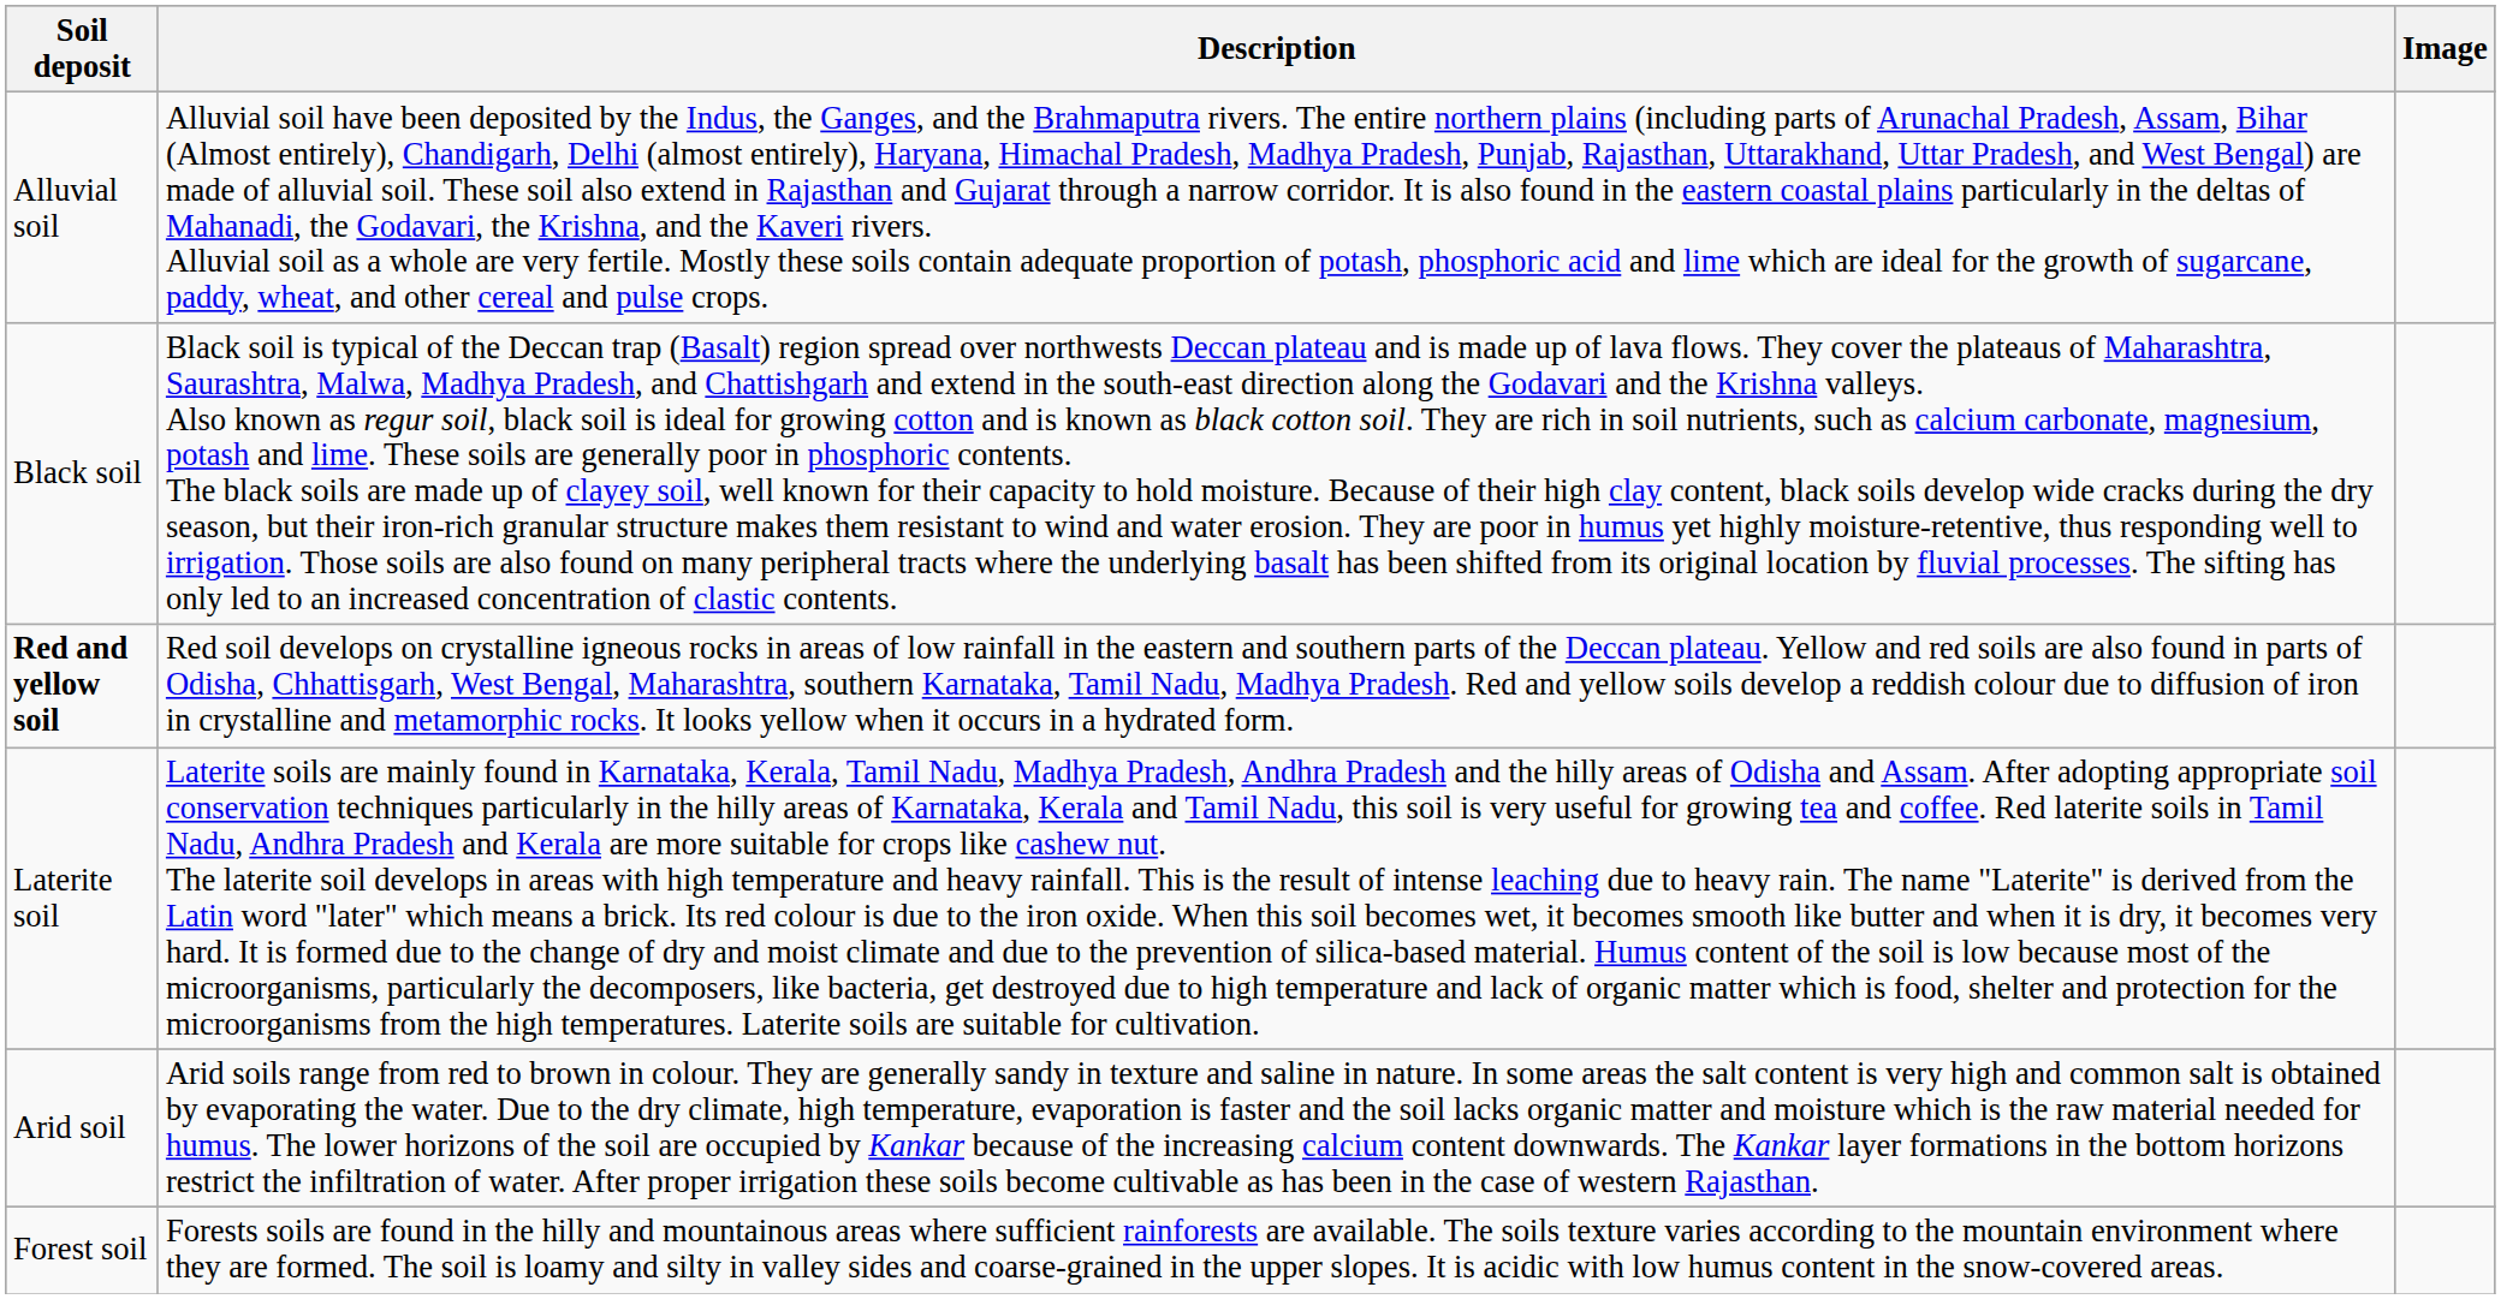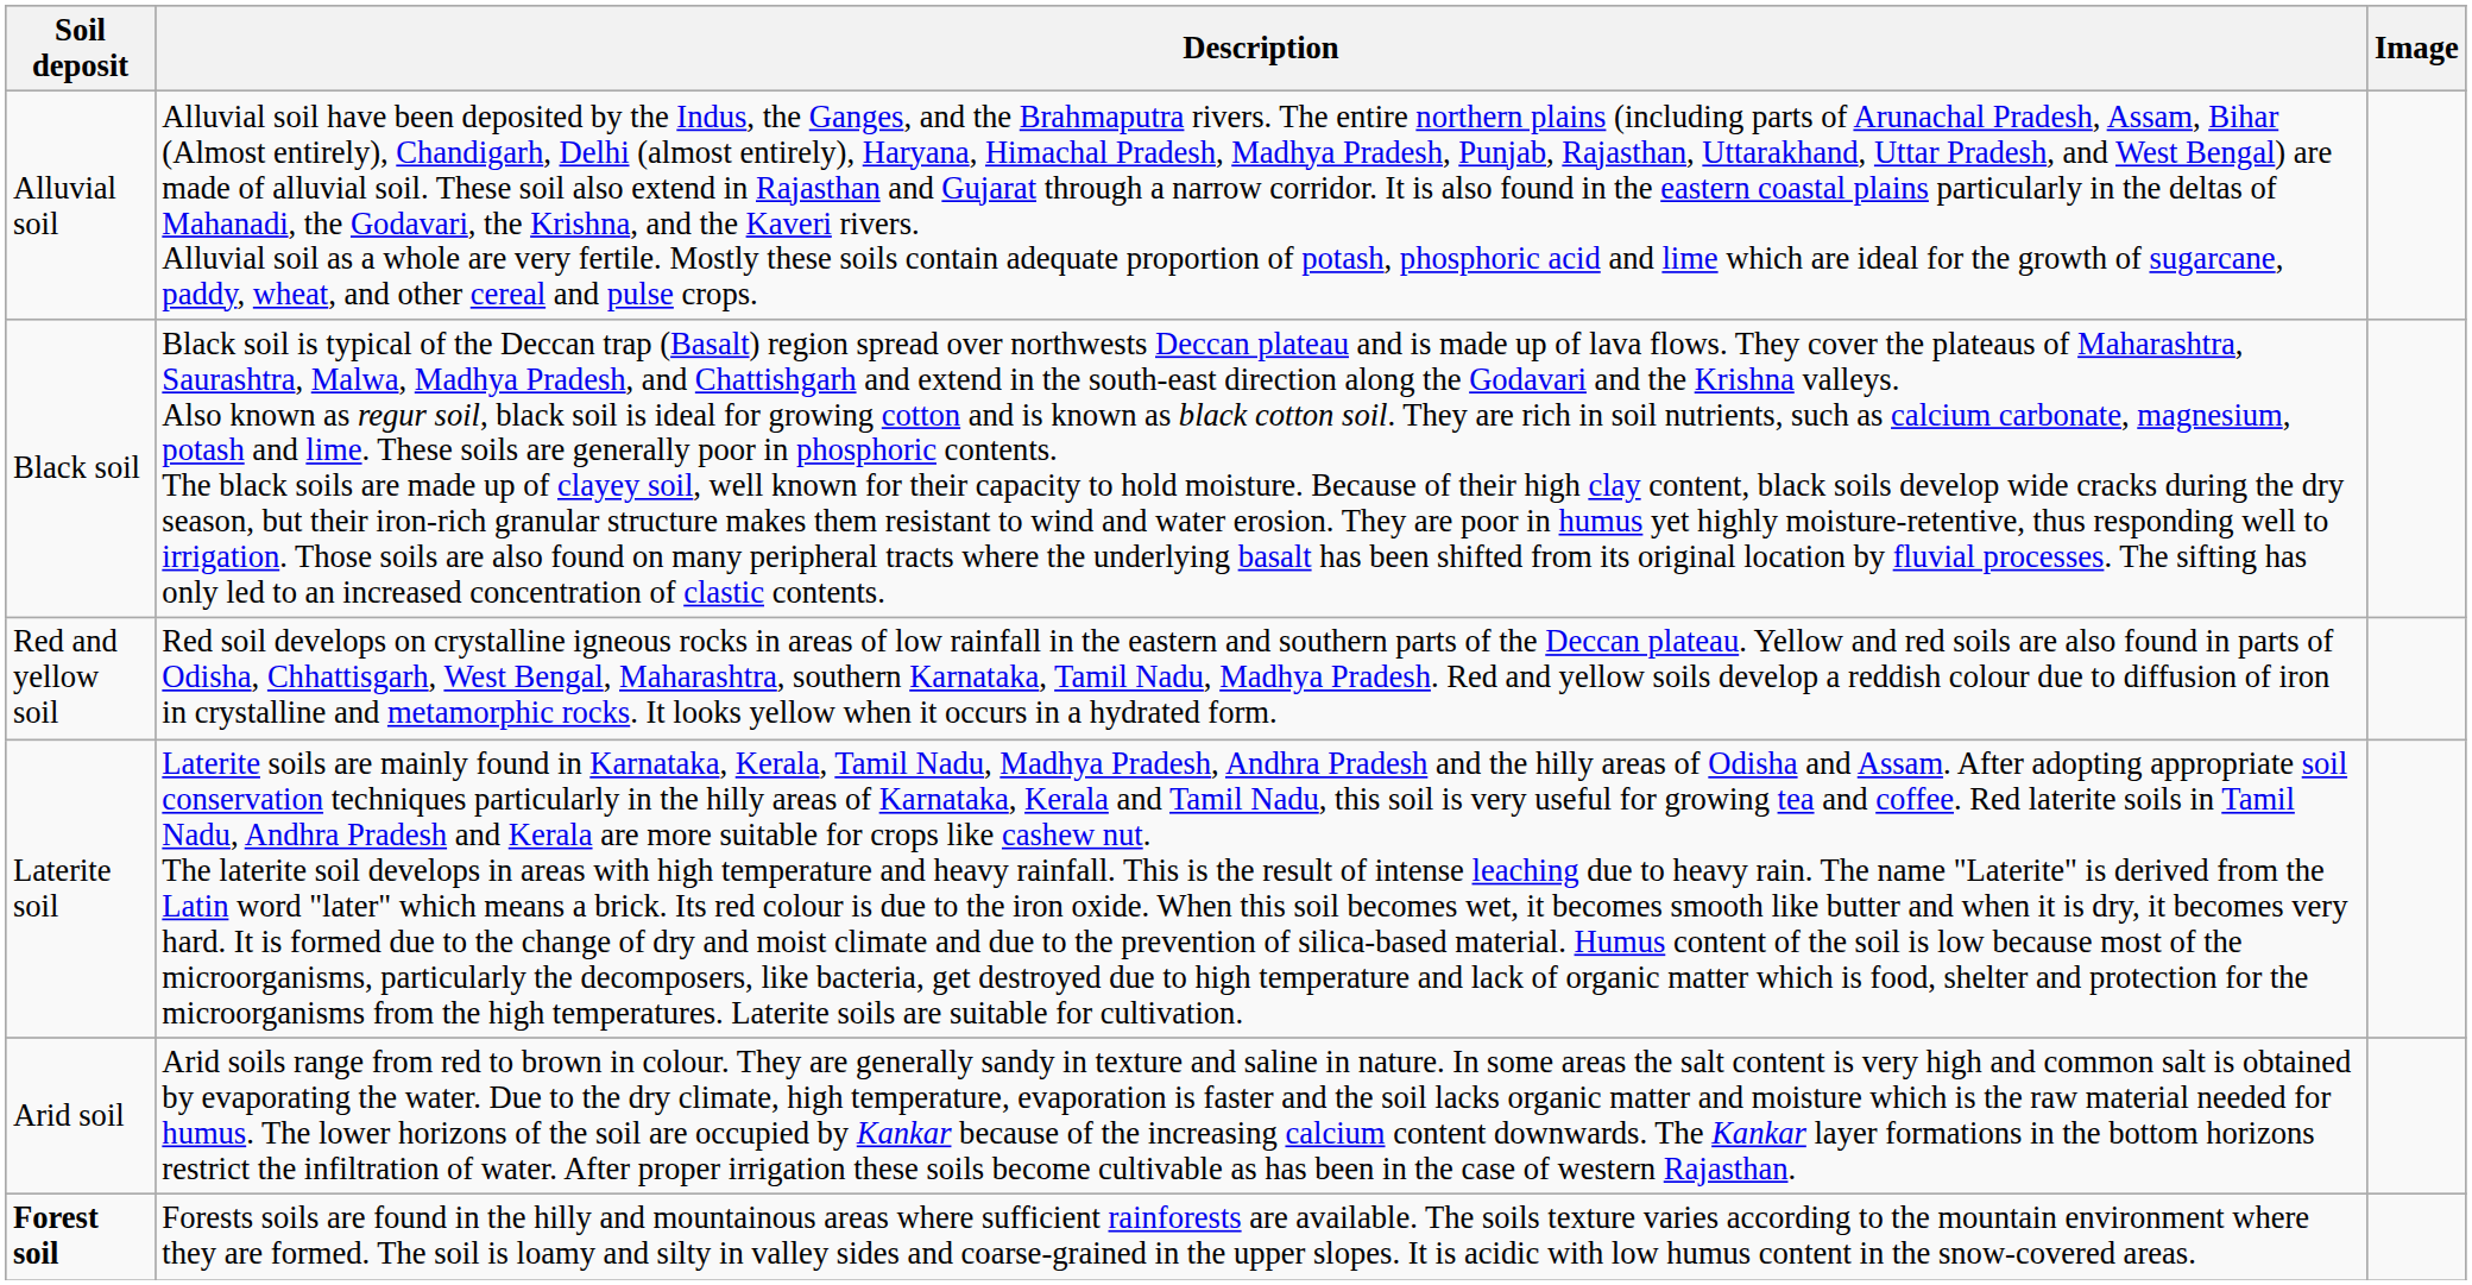 <table class="wikitable">
 <tr>
 <th>Soil deposit</th>
 <th>Description</th>
 <th>Image</th>
 </tr>
 <tr>
 <td>Alluvial soil</td>
 <td>Alluvial soil have been deposited by the <a href='#'>Indus</a>, the <a href='#'>Ganges</a>, and the <a href='#'>Brahmaputra</a> rivers. The entire <a href='#'>northern plains</a> (including parts of <a href='#'>Arunachal Pradesh</a>, <a href='#'>Assam</a>, <a href='#'>Bihar</a> (Almost entirely), <a href='#'>Chandigarh</a>, <a href='#'>Delhi</a> (almost entirely), <a href='#'>Haryana</a>, <a href='#'>Himachal Pradesh</a>, <a href='#'>Madhya Pradesh</a>, <a href='#'>Punjab</a>, <a href='#'>Rajasthan</a>, <a href='#'>Uttarakhand</a>, <a href='#'>Uttar Pradesh</a>, and <a href='#'>West Bengal</a>) are made of alluvial soil. These soil also extend in <a href='#'>Rajasthan</a> and <a href='#'>Gujarat</a> through a narrow corridor. It is also found in the <a href='#'>eastern coastal plains</a> particularly in the deltas of <a href='#'>Mahanadi</a>, the <a href='#'>Godavari</a>, the <a href='#'>Krishna</a>, and the <a href='#'>Kaveri</a> rivers.<br>Alluvial soil as a whole are very fertile. Mostly these soils contain adequate proportion of <a href='#'>potash</a>, <a href='#'>phosphoric acid</a> and <a href='#'>lime</a> which are ideal for the growth of <a href='#'>sugarcane</a>, <a href='#'>paddy</a>, <a href='#'>wheat</a>, and other <a href='#'>cereal</a> and <a href='#'>pulse</a> crops.</td>
 <td></td>
 </tr>
 <tr>
 <td>Black soil</td>
 <td>Black soil is typical of the Deccan trap (<a href='#'>Basalt</a>) region spread over northwests <a href='#'>Deccan plateau</a> and is made up of lava flows. They cover the plateaus of <a href='#'>Maharashtra</a>, <a href='#'>Saurashtra</a>, <a href='#'>Malwa</a>, <a href='#'>Madhya Pradesh</a>, and <a href='#'>Chattishgarh</a> and extend in the south-east direction along the <a href='#'>Godavari</a> and the <a href='#'>Krishna</a> valleys.<br>Also known as <em>regur soil</em>, black soil is ideal for growing <a href='#'>cotton</a> and is known as <em>black cotton soil</em>. They are rich in soil nutrients, such as <a href='#'>calcium carbonate</a>, <a href='#'>magnesium</a>, <a href='#'>potash</a> and <a href='#'>lime</a>. These soils are generally poor in <a href='#'>phosphoric</a> contents.<br>The black soils are made up of <a href='#'>clayey soil</a>, well known for their capacity to hold moisture. Because of their high <a href='#'>clay</a> content, black soils develop wide cracks during the dry season, but their iron-rich granular structure makes them resistant to wind and water erosion. They are poor in <a href='#'>humus</a> yet highly moisture-retentive, thus responding well to <a href='#'>irrigation</a>. Those soils are also found on many peripheral tracts where the underlying <a href='#'>basalt</a> has been shifted from its original location by <a href='#'>fluvial processes</a>. The sifting has only led to an increased concentration of <a href='#'>clastic</a> contents.</td>
 <td></td>
 </tr>
 <tr>
-<td><strong>Red and yellow soil</strong></td>
+<td>Red and yellow soil</td>
 <td>Red soil develops on crystalline igneous rocks in areas of low rainfall in the eastern and southern parts of the <a href='#'>Deccan plateau</a>. Yellow and red soils are also found in parts of <a href='#'>Odisha</a>, <a href='#'>Chhattisgarh</a>, <a href='#'>West Bengal</a>, <a href='#'>Maharashtra</a>, southern <a href='#'>Karnataka</a>, <a href='#'>Tamil Nadu</a>, <a href='#'>Madhya Pradesh</a>. Red and yellow soils develop a reddish colour due to diffusion of iron in crystalline and <a href='#'>metamorphic rocks</a>.  It looks yellow when it occurs in a hydrated form.</td>
 <td></td>
 </tr>
 <tr>
 <td>Laterite soil</td>
 <td><a href='#'>Laterite</a> soils are mainly found in <a href='#'>Karnataka</a>, <a href='#'>Kerala</a>, <a href='#'>Tamil Nadu</a>, <a href='#'>Madhya Pradesh</a>, <a href='#'>Andhra Pradesh</a> and the hilly areas of <a href='#'>Odisha</a> and <a href='#'>Assam</a>.  After adopting appropriate <a href='#'>soil conservation</a> techniques particularly in the hilly areas of <a href='#'>Karnataka</a>, <a href='#'>Kerala</a> and <a href='#'>Tamil Nadu</a>, this soil is very useful for growing <a href='#'>tea</a> and <a href='#'>coffee</a>. Red laterite soils in <a href='#'>Tamil Nadu</a>, <a href='#'>Andhra Pradesh</a> and <a href='#'>Kerala</a> are more suitable for crops like <a href='#'>cashew nut</a>.<br>The laterite soil develops in areas with high temperature and heavy rainfall. This is the result of intense <a href='#'>leaching</a> due to heavy rain. The name "Laterite" is derived from the <a href='#'>Latin</a> word "later" which means a brick. Its red colour is due to the iron oxide. When this soil becomes wet, it becomes smooth like butter and when it is dry, it becomes very hard. It is formed due to the change of dry and moist climate and due to the prevention of silica-based material. <a href='#'>Humus</a> content of the soil is low because most of the microorganisms, particularly the decomposers, like bacteria, get destroyed due to high temperature and lack of organic matter which is food, shelter and protection for the microorganisms from the high temperatures.  Laterite soils are suitable for cultivation.</td>
 <td></td>
 </tr>
 <tr>
 <td>Arid soil</td>
 <td>Arid soils range from red to brown in colour.  They are generally sandy in texture and saline in nature.  In some areas the salt content is very high and common salt is obtained by evaporating the water. Due to the dry climate, high temperature, evaporation is faster and the soil lacks organic matter and moisture which is the raw material needed for <a href='#'>humus</a>. The lower horizons of the soil are occupied by <em><a href='#'>Kankar</a></em> because of the increasing <a href='#'>calcium</a> content downwards. The <em><a href='#'>Kankar</a></em> layer formations in the bottom horizons restrict the infiltration of water.  After proper irrigation these soils become cultivable as has been in the case of western <a href='#'>Rajasthan</a>.</td>
 <td></td>
 </tr>
 <tr>
-<td>Forest soil</td>
+<td><strong>Forest soil</strong></td>
 <td>Forests soils are found in the hilly and mountainous areas where sufficient <a href='#'>rainforests</a> are available.  The soils texture varies according to the mountain environment where they are formed.  The soil is loamy and silty in valley sides and coarse-grained in the upper slopes. It is acidic with low humus content in the snow-covered areas.</td>
 </tr>
 </table>
